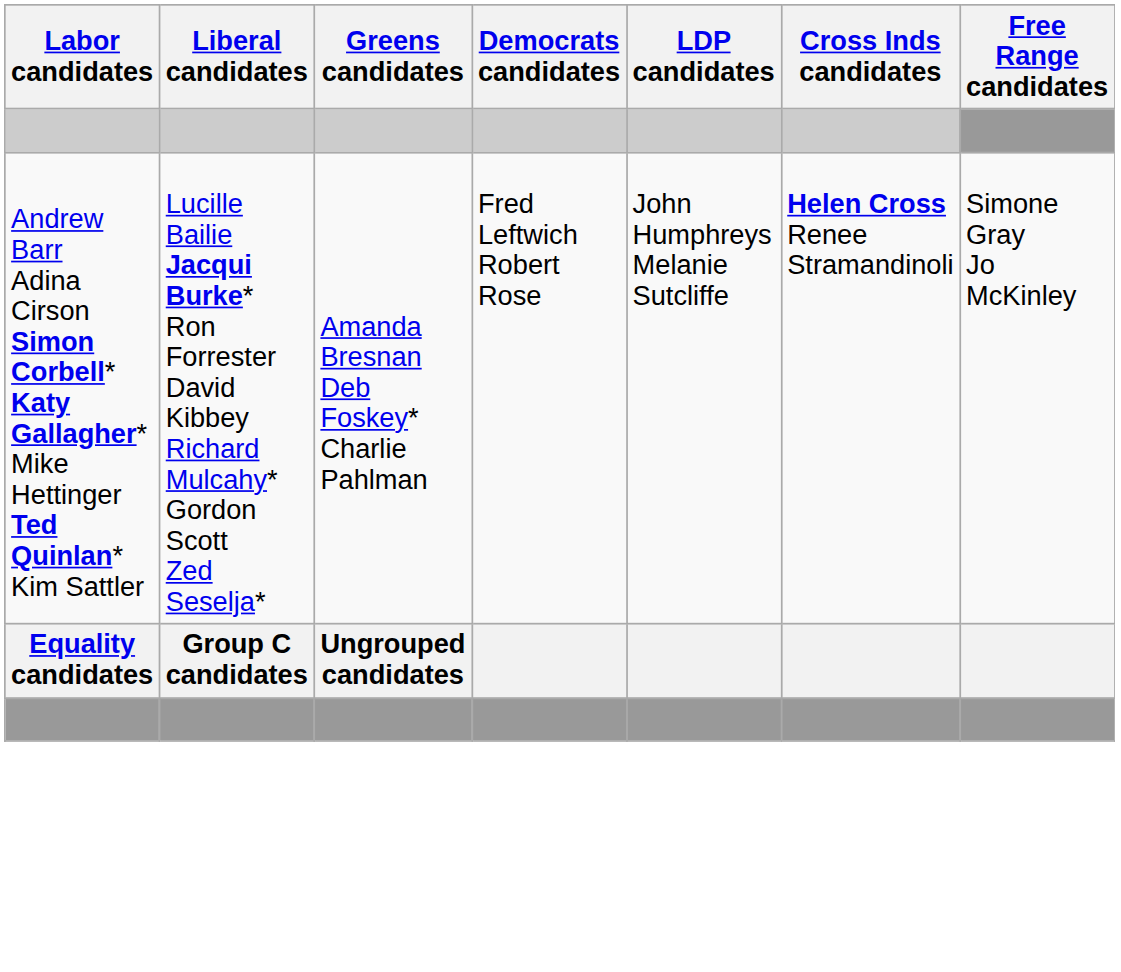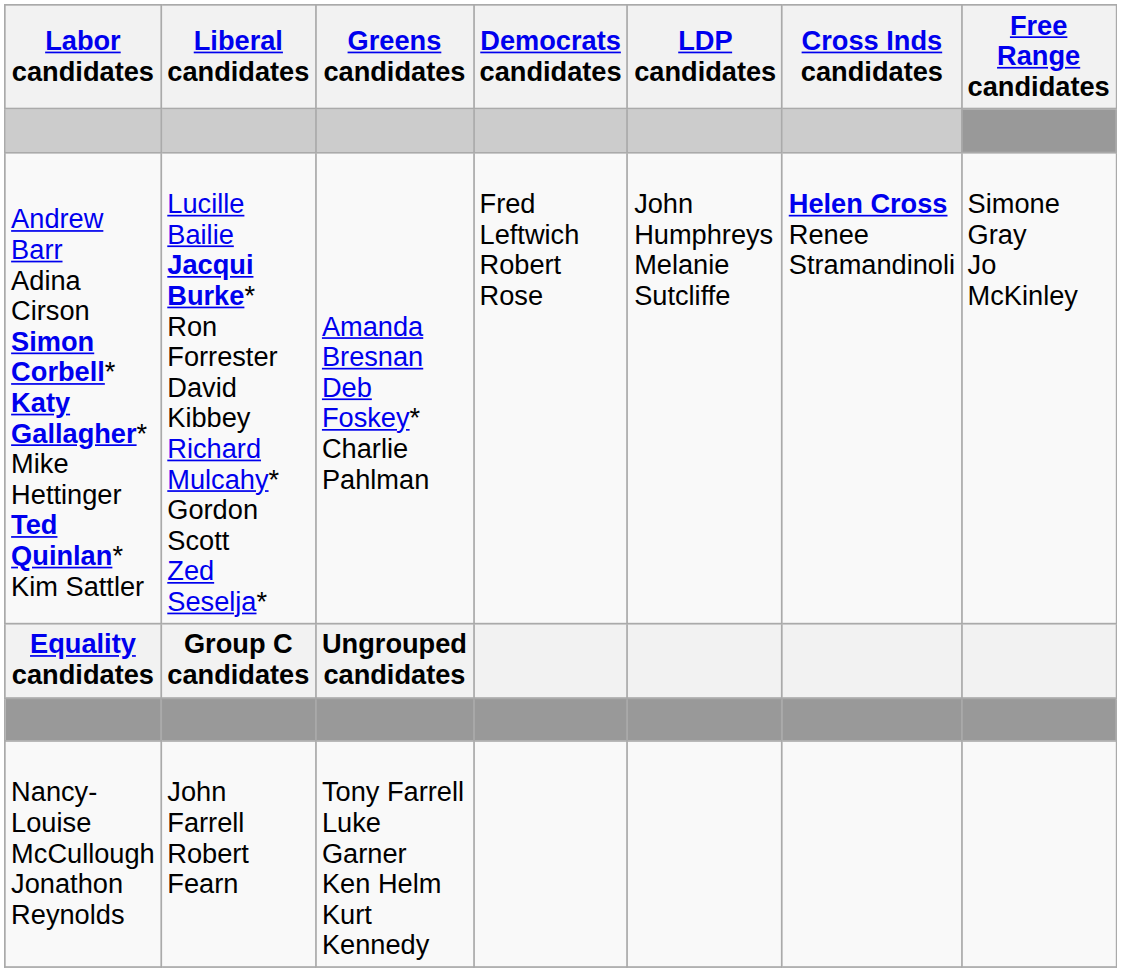 <table class="wikitable">
 <tr>
 <th><a href='#'>Labor</a> candidates</th>
 <th><a href='#'>Liberal</a> candidates</th>
 <th><a href='#'>Greens</a> candidates</th>
 <th><a href='#'>Democrats</a> candidates</th>
 <th><a href='#'>LDP</a> candidates</th>
 <th><a href='#'>Cross Inds</a> candidates</th>
 <th><a href='#'>Free Range</a> candidates</th>
 </tr>
 <tr bgcolor="#cccccc">
 <td></td>
 <td></td>
 <td></td>
 <td></td>
 <td></td>
 <td></td>
 <td bgcolor="#999999"> </td>
 </tr>
 <tr>
 <td><br><a href='#'>Andrew Barr</a> <br> Adina Cirson <br> <strong><a href='#'>Simon Corbell</a></strong>* <br> <strong><a href='#'>Katy Gallagher</a></strong>* <br> Mike Hettinger <br> <strong><a href='#'>Ted Quinlan</a></strong>* <br> Kim Sattler</td>
 <td><br><a href='#'>Lucille Bailie</a> <br> <strong><a href='#'>Jacqui Burke</a></strong>* <br> Ron Forrester <br> David Kibbey <br> <a href='#'>Richard Mulcahy</a>* <br> Gordon Scott <br> <a href='#'>Zed Seselja</a>*</td>
 <td><br><a href='#'>Amanda Bresnan</a> <br> <a href='#'>Deb Foskey</a>* <br> Charlie Pahlman</td>
 <td valign=top><br>Fred Leftwich <br> Robert Rose</td>
 <td valign=top><br>John Humphreys <br> Melanie Sutcliffe</td>
 <td valign=top><br><strong><a href='#'>Helen Cross</a></strong> <br> Renee Stramandinoli</td>
 <td valign=top><br>Simone Gray <br> Jo McKinley</td>
 </tr>
 <tr bgcolor="#cccccc">
 <th><a href='#'>Equality</a> candidates</th>
 <th>Group C candidates</th>
 <th>Ungrouped candidates</th>
 <th></th>
 <th></th>
 <th></th>
 <th></th>
 </tr>
 <tr bgcolor="#cccccc">
 <td bgcolor="#999999"></td>
 <td bgcolor="#999999"></td>
 <td bgcolor="#999999"></td>
 <td bgcolor="#999999"></td>
 <td bgcolor="#999999"></td>
 <td bgcolor="#999999"></td>
 <td bgcolor="#999999"> </td>
 </tr>
+<tr>
+<td valign=top><br>Nancy-Louise McCullough <br> Jonathon Reynolds</td>
+<td valign=top><br>John Farrell <br> Robert Fearn</td>
+<td valign=top><br>Tony Farrell <br> Luke Garner <br> Ken Helm <br> Kurt Kennedy</td>
+<td valign=top></td>
+<td valign=top></td>
+<td valign=top></td>
+<td valign=top></td>
+</tr>
 </table>
